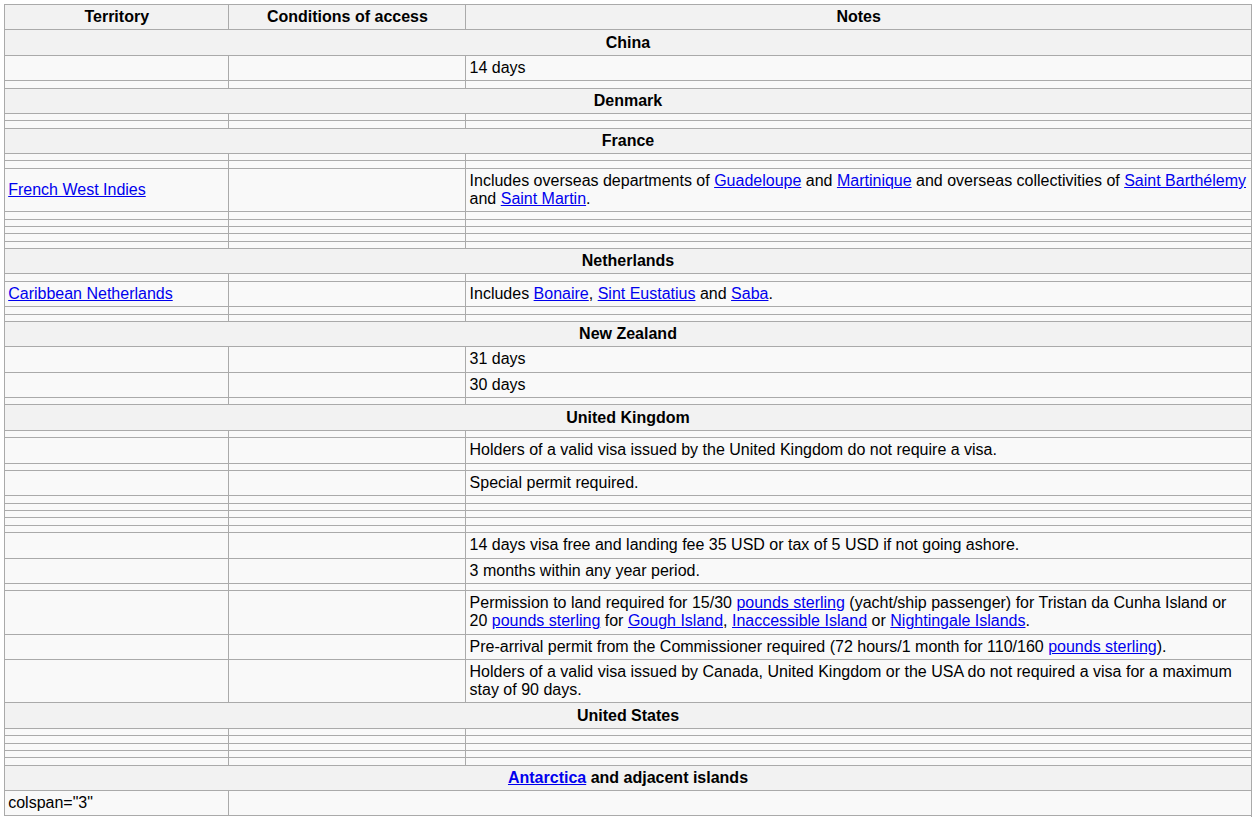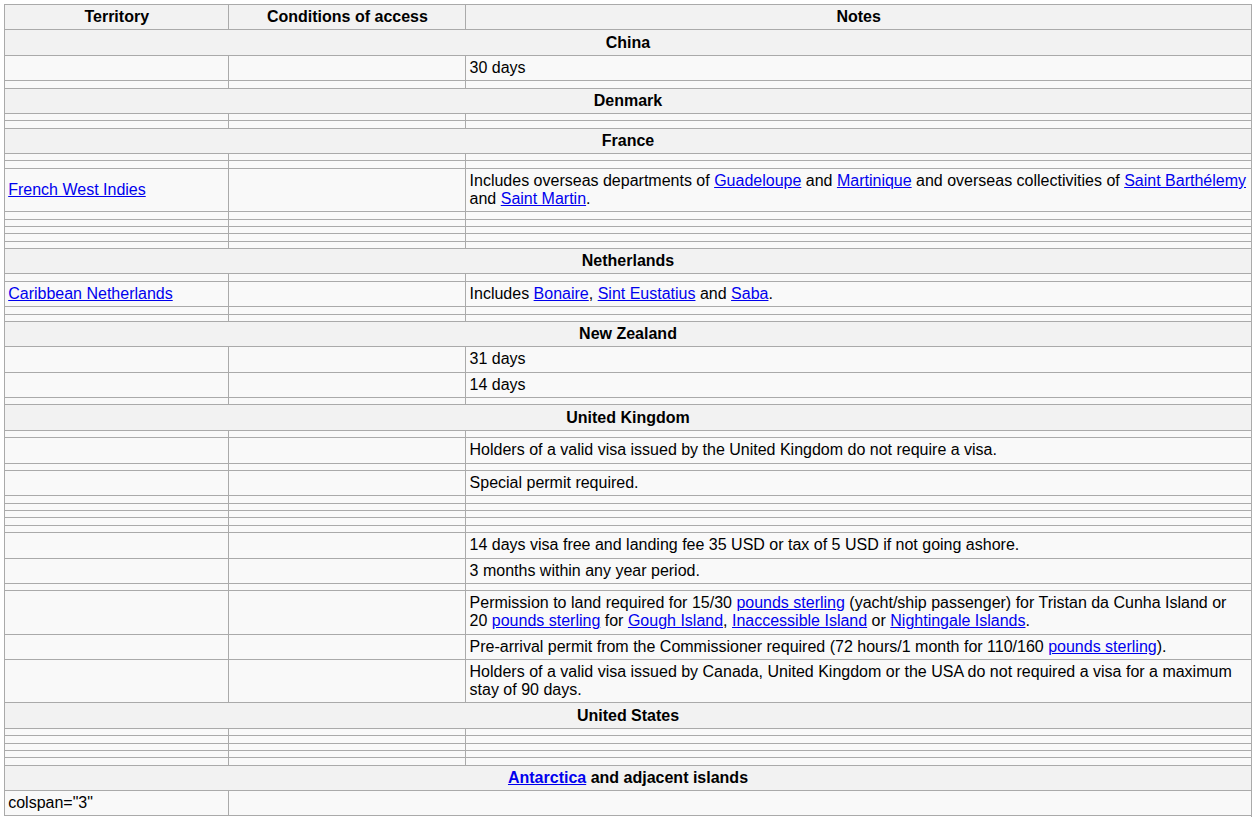 <table class="wikitable" style="text-align: left; table-layout: fixed;">
 <tr>
 <th width="18%">Territory</th>
 <th width="19%">Conditions of access</th>
 <th>Notes</th>
 </tr>
 <tr>
 <th colspan="3">China</th>
 </tr>
 <tr>
 <td></td>
 <td></td>
-<td>14 days</td>
+<td>30 days</td>
 </tr>
 <tr>
 <td></td>
 <td></td>
 <td></td>
 </tr>
 <tr>
 <th colspan="3">Denmark</th>
 </tr>
 <tr>
 <td></td>
 <td></td>
 <td></td>
 </tr>
 <tr>
 <td></td>
 <td></td>
 <td></td>
 </tr>
 <tr>
 <th colspan="3">France</th>
 </tr>
 <tr>
 <td></td>
 <td></td>
 <td></td>
 </tr>
 <tr>
 <td></td>
 <td></td>
 <td></td>
 </tr>
 <tr>
 <td> <a href='#'>French West Indies</a></td>
 <td></td>
 <td>Includes overseas departments of <a href='#'>Guadeloupe</a> and <a href='#'>Martinique</a> and overseas collectivities of <a href='#'>Saint Barthélemy</a> and <a href='#'>Saint Martin</a>.</td>
 </tr>
 <tr>
 <td></td>
 <td></td>
 <td></td>
 </tr>
 <tr>
 <td></td>
 <td></td>
 <td></td>
 </tr>
 <tr>
 <td></td>
 <td></td>
 <td></td>
 </tr>
 <tr>
 <td></td>
 <td></td>
 <td></td>
 </tr>
 <tr>
 <td></td>
 <td></td>
 <td></td>
 </tr>
 <tr>
 <th colspan="3">Netherlands</th>
 </tr>
 <tr>
 <td></td>
 <td></td>
 <td></td>
 </tr>
 <tr>
 <td> <a href='#'>Caribbean Netherlands</a></td>
 <td></td>
 <td>Includes <a href='#'>Bonaire</a>, <a href='#'>Sint Eustatius</a> and <a href='#'>Saba</a>.</td>
 </tr>
 <tr>
 <td></td>
 <td></td>
 <td></td>
 </tr>
 <tr>
 <td></td>
 <td></td>
 <td></td>
 </tr>
 <tr>
 <th colspan="3">New Zealand</th>
 </tr>
 <tr>
 <td></td>
 <td></td>
 <td>31 days</td>
 </tr>
 <tr>
 <td></td>
 <td></td>
-<td>30 days</td>
+<td>14 days</td>
 </tr>
 <tr>
 <td></td>
 <td></td>
 <td></td>
 </tr>
 <tr>
 <th colspan="3">United Kingdom</th>
 </tr>
 <tr>
 <td></td>
 <td></td>
 <td></td>
 </tr>
 <tr>
 <td></td>
 <td></td>
 <td>Holders of a valid visa issued by the United Kingdom do not require a visa.</td>
 </tr>
 <tr>
 <td></td>
 <td></td>
 <td></td>
 </tr>
 <tr>
 <td></td>
 <td></td>
 <td>Special permit required.</td>
 </tr>
 <tr>
 <td></td>
 <td></td>
 <td></td>
 </tr>
 <tr>
 <td></td>
 <td></td>
 <td></td>
 </tr>
 <tr>
 <td></td>
 <td></td>
 <td></td>
 </tr>
 <tr>
 <td></td>
 <td></td>
 <td></td>
 </tr>
 <tr>
 <td></td>
 <td></td>
 <td></td>
 </tr>
 <tr>
 <td></td>
 <td></td>
 <td>14 days visa free and landing fee 35 USD or tax of 5 USD if not going ashore.</td>
 </tr>
 <tr>
 <td></td>
 <td></td>
 <td>3 months within any year period.</td>
 </tr>
 <tr>
 <td></td>
 <td></td>
 <td></td>
 </tr>
 <tr>
 <td></td>
 <td></td>
 <td>Permission to land required for 15/30 <a href='#'>pounds sterling</a> (yacht/ship passenger) for Tristan da Cunha Island or 20 <a href='#'>pounds sterling</a> for <a href='#'>Gough Island</a>, <a href='#'>Inaccessible Island</a> or <a href='#'>Nightingale Islands</a>.</td>
 </tr>
 <tr>
 <td></td>
 <td></td>
 <td>Pre-arrival permit from the Commissioner required (72 hours/1 month for 110/160 <a href='#'>pounds sterling</a>).</td>
 </tr>
 <tr>
 <td></td>
 <td></td>
 <td>Holders of a valid visa issued by Canada, United Kingdom or the USA do not required a visa for a maximum stay of 90 days.</td>
 </tr>
 <tr>
 <th colspan="3">United States</th>
 </tr>
 <tr>
 <td></td>
 <td></td>
 <td></td>
 </tr>
 <tr>
 <td></td>
 <td></td>
 <td></td>
 </tr>
 <tr>
 <td></td>
 <td></td>
 <td></td>
 </tr>
 <tr>
 <td></td>
 <td></td>
 <td></td>
 </tr>
 <tr>
 <td></td>
 <td></td>
 <td></td>
 </tr>
 <tr>
 <th colspan="3"><a href='#'>Antarctica</a> and adjacent islands</th>
 </tr>
 <tr>
 <td>colspan="3" </td>
 </tr>
 <tr>
 </tr>
 </table>
